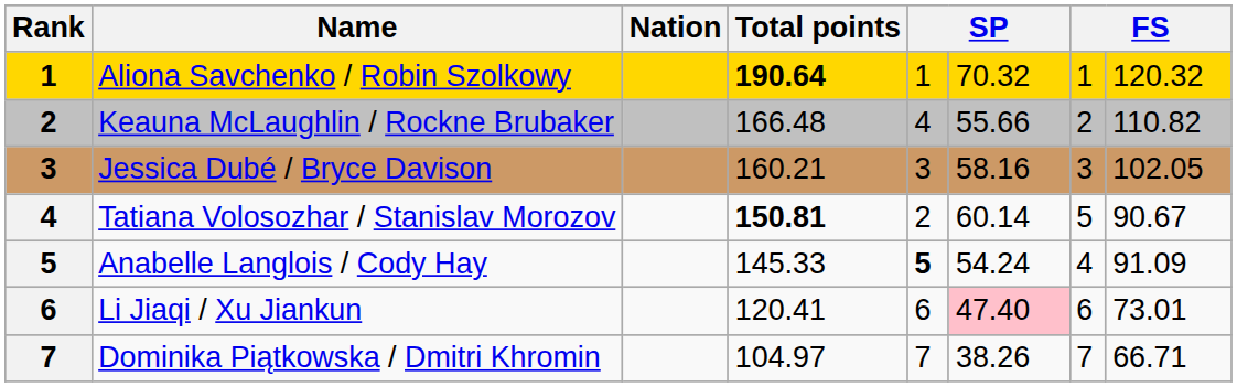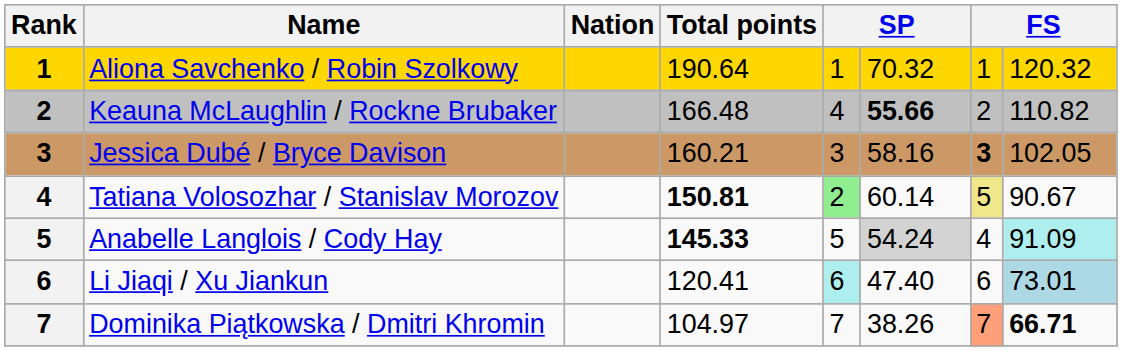 <table class="wikitable">
 <tr>
 <th>Rank</th>
 <th>Name</th>
 <th>Nation</th>
 <th>Total points</th>
 <th colspan="2" width="80px"><a href='#'>SP</a></th>
 <th colspan="2" width="80px"><a href='#'>FS</a></th>
 </tr>
 <tr bgcolor="gold">
 <td align="center"><strong>1</strong></td>
 <td><a href='#'>Aliona Savchenko</a> / <a href='#'>Robin Szolkowy</a></td>
 <td></td>
-<td><strong>190.64</strong></td>
+<td>190.64</td>
 <td>1</td>
 <td>70.32</td>
 <td>1</td>
 <td>120.32</td>
 </tr>
 <tr bgcolor="silver">
 <td align="center"><strong>2</strong></td>
 <td><a href='#'>Keauna McLaughlin</a> / <a href='#'>Rockne Brubaker</a></td>
 <td></td>
 <td>166.48</td>
 <td>4</td>
-<td>55.66</td>
+<td><strong>55.66</strong></td>
 <td>2</td>
 <td>110.82</td>
 </tr>
 <tr bgcolor="cc9966">
 <td align="center"><strong>3</strong></td>
 <td><a href='#'>Jessica Dubé</a> / <a href='#'>Bryce Davison</a></td>
 <td></td>
 <td>160.21</td>
 <td>3</td>
 <td>58.16</td>
-<td>3</td>
+<td><strong>3</strong></td>
 <td>102.05</td>
 </tr>
 <tr>
 <th>4</th>
 <td><a href='#'>Tatiana Volosozhar</a> / <a href='#'>Stanislav Morozov</a></td>
 <td></td>
 <td><strong>150.81</strong></td>
-<td>2</td>
+<td style="background: lightgreen;">2</td>
 <td>60.14</td>
-<td>5</td>
+<td style="background: khaki;">5</td>
 <td>90.67</td>
 </tr>
 <tr>
 <th>5</th>
 <td><a href='#'>Anabelle Langlois</a> / <a href='#'>Cody Hay</a></td>
 <td></td>
-<td>145.33</td>
-<td><strong>5</strong></td>
-<td>54.24</td>
+<td><strong>145.33</strong></td>
+<td>5</td>
+<td style="background: lightgrey;">54.24</td>
 <td>4</td>
-<td>91.09</td>
+<td style="background: paleturquoise;">91.09</td>
 </tr>
 <tr>
 <th>6</th>
 <td><a href='#'>Li Jiaqi</a> / <a href='#'>Xu Jiankun</a></td>
 <td></td>
 <td>120.41</td>
+<td style="background: paleturquoise;">6</td>
+<td>47.40</td>
 <td>6</td>
-<td style="background: pink;">47.40</td>
-<td>6</td>
-<td>73.01</td>
+<td style="background: lightblue;">73.01</td>
 </tr>
 <tr>
 <th>7</th>
 <td><a href='#'>Dominika Piątkowska</a> / <a href='#'>Dmitri Khromin</a></td>
 <td></td>
 <td>104.97</td>
 <td>7</td>
 <td>38.26</td>
-<td>7</td>
-<td>66.71</td>
+<td style="background: lightsalmon;">7</td>
+<td><strong>66.71</strong></td>
 </tr>
 </table>
